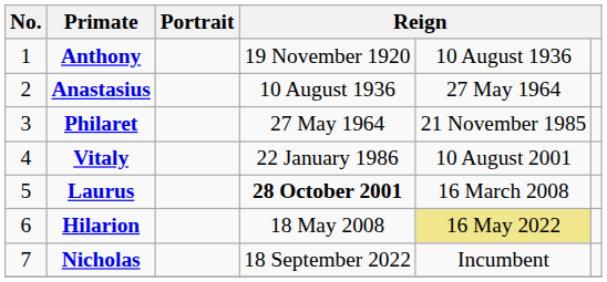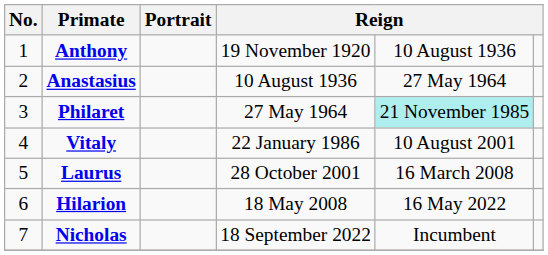 <table class="wikitable" style="text-align:center;">
 <tr>
 <th>No.</th>
 <th>Primate</th>
 <th>Portrait</th>
 <th colspan="3">Reign</th>
 </tr>
 <tr>
 <td>1</td>
 <td><strong><a href='#'>Anthony</a></strong><br></td>
 <td></td>
 <td>19 November 1920</td>
 <td>10 August 1936</td>
 <td></td>
 </tr>
 <tr>
 <td>2</td>
 <td><strong><a href='#'>Anastasius</a></strong><br></td>
 <td></td>
 <td>10 August 1936</td>
 <td>27 May 1964</td>
 <td></td>
 </tr>
 <tr>
 <td>3</td>
 <td><strong><a href='#'>Philaret</a></strong><br></td>
 <td></td>
 <td>27 May 1964</td>
-<td>21 November 1985</td>
+<td style="background: paleturquoise;">21 November 1985</td>
 <td></td>
 </tr>
 <tr>
 <td>4</td>
 <td><strong><a href='#'>Vitaly</a></strong><br></td>
 <td></td>
 <td>22 January 1986</td>
 <td>10 August 2001</td>
 <td></td>
 </tr>
 <tr>
 <td>5</td>
 <td><strong><a href='#'>Laurus</a></strong><br></td>
 <td></td>
-<td><strong>28 October 2001</strong></td>
+<td>28 October 2001</td>
 <td>16 March 2008</td>
 <td></td>
 </tr>
 <tr>
 <td>6</td>
 <td><strong><a href='#'>Hilarion</a></strong><br></td>
 <td></td>
 <td>18 May 2008</td>
-<td style="background: khaki;">16 May 2022</td>
+<td>16 May 2022</td>
 <td></td>
 </tr>
 <tr>
 <td>7</td>
 <td><strong><a href='#'>Nicholas</a></strong><br></td>
 <td></td>
 <td>18 September 2022</td>
 <td>Incumbent</td>
 <td><br></td>
 </tr>
 <tr>
 </tr>
 </table>
